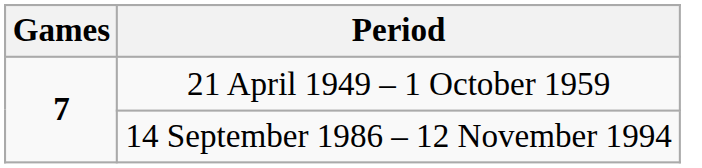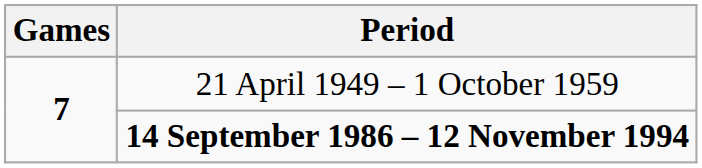 <table class="wikitable" style="text-align:center;">
 <tr>
 <th>Games</th>
 <th>Period</th>
 </tr>
 <tr>
 <td rowspan=2><strong>7</strong></td>
 <td>21 April 1949 – 1 October 1959</td>
 </tr>
 <tr>
-<td>14 September 1986 – 12 November 1994</td>
+<td><strong>14 September 1986 – 12 November 1994</strong></td>
 </tr>
 </table>
